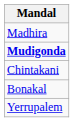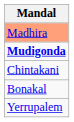 <table class="wikitable sortable static-row-numbers static-row-header-hash">
 <tr>
 <th>Mandal</th>
 </tr>
 <tr>
-<td><a href='#'>Madhira</a></td>
+<td style="background: lightsalmon;"><a href='#'>Madhira</a></td>
 </tr>
 <tr>
 <td><strong><a href='#'>Mudigonda</a></strong></td>
 </tr>
 <tr>
 <td><a href='#'>Chintakani</a></td>
 </tr>
 <tr>
 <td><a href='#'>Bonakal</a></td>
 </tr>
 <tr>
 <td><a href='#'>Yerrupalem</a></td>
 </tr>
 </table>
